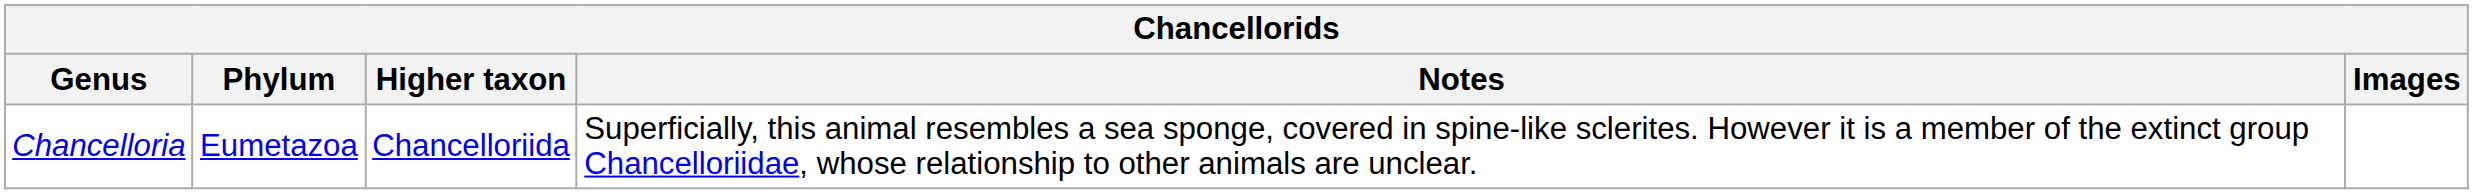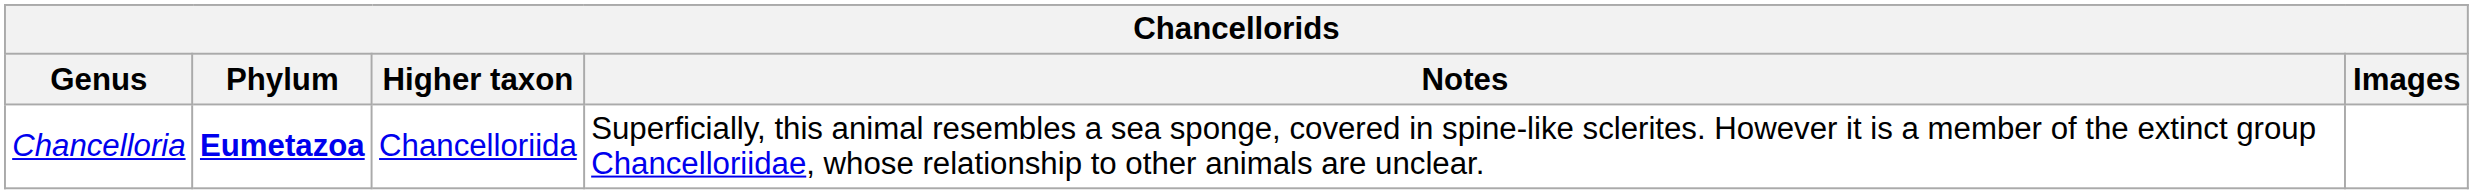 <table class="wikitable sortable" style="background:white; width:100%;">
 <tr>
 <th colspan="5" align="center">Chancellorids</th>
 </tr>
 <tr>
 <th>Genus</th>
 <th>Phylum</th>
 <th>Higher taxon</th>
 <th>Notes</th>
 <th>Images</th>
 </tr>
 <tr>
 <td><em><a href='#'>Chancelloria</a></em></td>
-<td><a href='#'>Eumetazoa</a></td>
+<td><strong><a href='#'>Eumetazoa</a></strong></td>
 <td><a href='#'>Chancelloriida</a></td>
 <td>Superficially, this animal resembles a sea sponge, covered in spine-like sclerites. However it is a member of the extinct group <a href='#'>Chancelloriidae</a>, whose relationship to other animals are unclear.</td>
 <td></td>
 </tr>
 </table>
